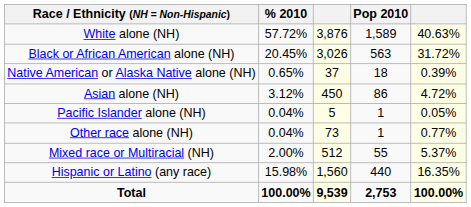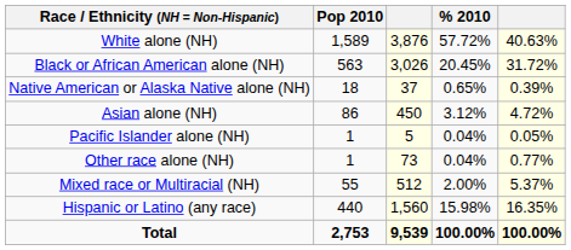 <table class="wikitable" style="text-align:center;">
 <tr>
 <th>Race / Ethnicity <small>(<em>NH = Non-Hispanic</em>)</small></th>
+<th>Pop 2010</th>
+<th></th>
 <th>% 2010</th>
-<th></th>
-<th>Pop 2010</th>
 <th></th>
 </tr>
 <tr>
 <td><a href='#'>White</a> alone (NH)</td>
+<td>1,589</td>
+<td style='background: #ffffe6;'>3,876</td>
 <td>57.72%</td>
-<td style='background: #ffffe6;'>3,876</td>
-<td>1,589</td>
 <td style='background: #ffffe6;'>40.63%</td>
 </tr>
 <tr>
 <td><a href='#'>Black or African American</a> alone (NH)</td>
+<td>563</td>
+<td style='background: #ffffe6;'>3,026</td>
 <td>20.45%</td>
-<td style='background: #ffffe6;'>3,026</td>
-<td>563</td>
 <td style='background: #ffffe6;'>31.72%</td>
 </tr>
 <tr>
 <td><a href='#'>Native American</a> or <a href='#'>Alaska Native</a> alone (NH)</td>
+<td>18</td>
+<td style='background: #ffffe6;'>37</td>
 <td>0.65%</td>
-<td style='background: #ffffe6;'>37</td>
-<td>18</td>
 <td style='background: #ffffe6;'>0.39%</td>
 </tr>
 <tr>
 <td><a href='#'>Asian</a> alone (NH)</td>
+<td>86</td>
+<td style='background: #ffffe6;'>450</td>
 <td>3.12%</td>
-<td style='background: #ffffe6;'>450</td>
-<td>86</td>
 <td style='background: #ffffe6;'>4.72%</td>
 </tr>
 <tr>
 <td><a href='#'>Pacific Islander</a> alone (NH)</td>
+<td>1</td>
+<td style='background: #ffffe6;'>5</td>
 <td>0.04%</td>
-<td style='background: #ffffe6;'>5</td>
-<td>1</td>
 <td style='background: #ffffe6;'>0.05%</td>
 </tr>
 <tr>
 <td><a href='#'>Other race</a> alone (NH)</td>
+<td>1</td>
+<td style='background: #ffffe6;'>73</td>
 <td>0.04%</td>
-<td style='background: #ffffe6;'>73</td>
-<td>1</td>
 <td style='background: #ffffe6;'>0.77%</td>
 </tr>
 <tr>
 <td><a href='#'>Mixed race or Multiracial</a> (NH)</td>
+<td>55</td>
+<td style='background: #ffffe6;'>512</td>
 <td>2.00%</td>
-<td style='background: #ffffe6;'>512</td>
-<td>55</td>
 <td style='background: #ffffe6;'>5.37%</td>
 </tr>
 <tr>
 <td><a href='#'>Hispanic or Latino</a> (any race)</td>
+<td>440</td>
+<td style='background: #ffffe6;'>1,560</td>
 <td>15.98%</td>
-<td style='background: #ffffe6;'>1,560</td>
-<td>440</td>
 <td style='background: #ffffe6;'>16.35%</td>
 </tr>
 <tr>
 <td><strong>Total</strong></td>
+<td><strong>2,753</strong></td>
+<td style='background: #ffffe6;'><strong>9,539</strong></td>
 <td><strong>100.00%</strong></td>
-<td style='background: #ffffe6;'><strong>9,539</strong></td>
-<td><strong>2,753</strong></td>
 <td style='background: #ffffe6;'><strong>100.00%</strong></td>
 </tr>
 </table>
